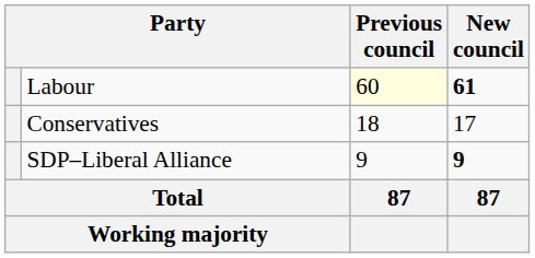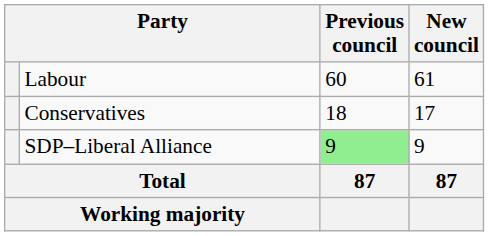 <table class="wikitable">
 <tr>
 <th valign=top colspan="2" style="width: 230px">Party</th>
 <th valign=top style="width: 30px">Previous council</th>
 <th valign=top style="width: 30px">New council</th>
 </tr>
 <tr>
 <th style="background-color: "></th>
 <td>Labour</td>
-<td style="background: lightyellow;">60</td>
-<td><strong>61</strong></td>
+<td>60</td>
+<td>61</td>
 </tr>
 <tr>
 <th style="background-color: "></th>
 <td>Conservatives</td>
 <td>18</td>
 <td>17</td>
 </tr>
 <tr>
 <th style="background-color: "></th>
 <td>SDP–Liberal Alliance</td>
+<td style="background: lightgreen;">9</td>
 <td>9</td>
-<td><strong>9</strong></td>
 </tr>
 <tr>
 <th colspan=2>Total</th>
 <th style="text-align: center">87</th>
 <th colspan=3>87</th>
 </tr>
 <tr>
 <th colspan=2>Working majority</th>
 <th></th>
 <th></th>
 </tr>
 </table>
